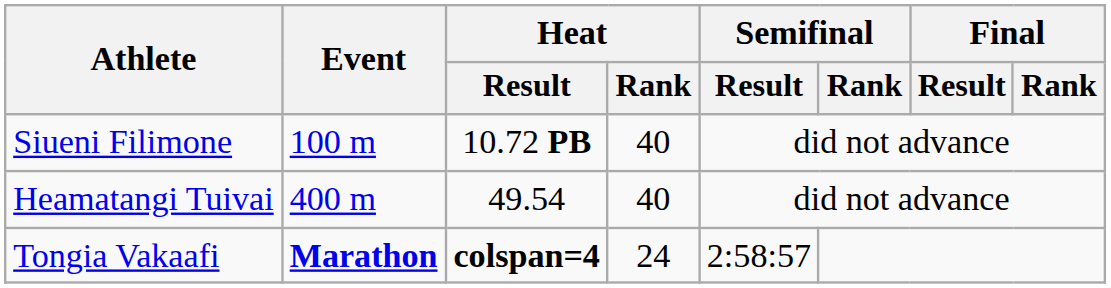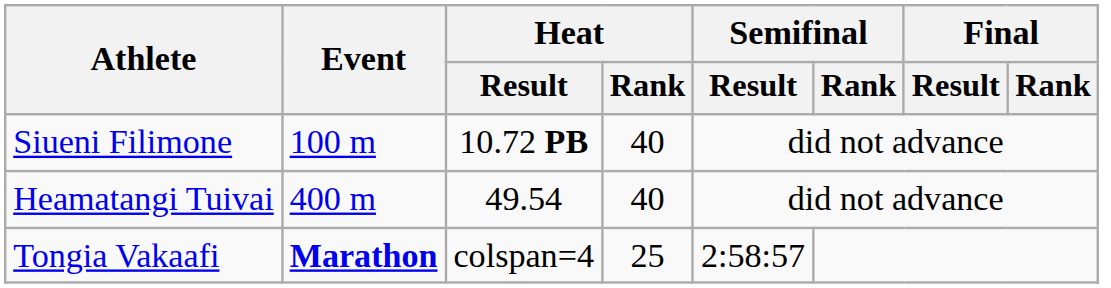 <table class="wikitable" style="font-size:90%">
 <tr>
 <th rowspan=2>Athlete</th>
 <th rowspan=2>Event</th>
 <th colspan=2>Heat</th>
 <th colspan=2>Semifinal</th>
 <th colspan=2>Final</th>
 </tr>
 <tr style="font-size:95%">
 <th>Result</th>
 <th>Rank</th>
 <th>Result</th>
 <th>Rank</th>
 <th>Result</th>
 <th>Rank</th>
 </tr>
 <tr align=center>
 <td align=left><a href='#'>Siueni Filimone</a></td>
 <td align=left><a href='#'>100 m</a></td>
 <td>10.72 <strong>PB</strong></td>
 <td>40</td>
 <td colspan=4>did not advance</td>
 </tr>
 <tr align=center>
 <td align=left><a href='#'>Heamatangi Tuivai</a></td>
 <td align=left><a href='#'>400 m</a></td>
 <td>49.54</td>
 <td>40</td>
 <td colspan=4>did not advance</td>
 </tr>
 <tr align=center>
 <td align=left><a href='#'>Tongia Vakaafi</a></td>
 <td align=left><strong><a href='#'>Marathon</a></strong></td>
-<td><strong>colspan=4 </strong></td>
-<td>24</td>
+<td>colspan=4 </td>
+<td>25</td>
 <td>2:58:57</td>
 </tr>
 </table>
